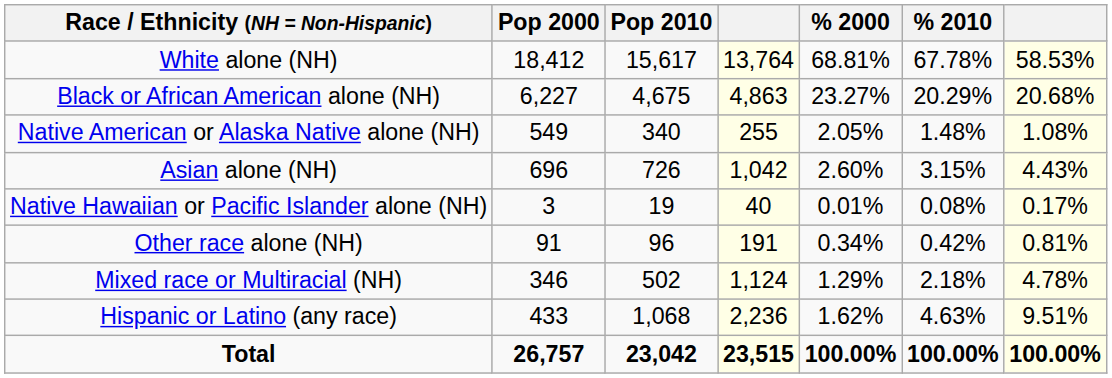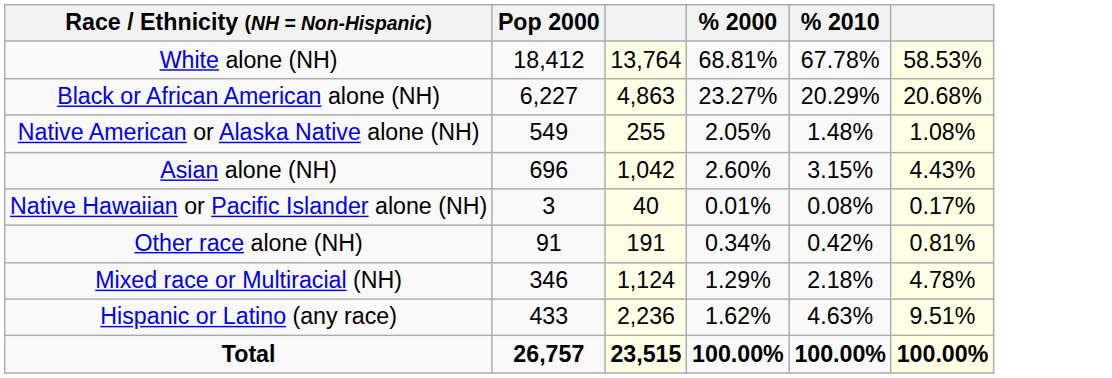 <table class="wikitable" style="text-align:center;">
 <tr>
 <th>Race / Ethnicity <small>(<em>NH = Non-Hispanic</em>)</small></th>
 <th>Pop 2000</th>
-<th>Pop 2010</th>
 <th></th>
 <th>% 2000</th>
 <th>% 2010</th>
 <th></th>
 </tr>
 <tr>
 <td><a href='#'>White</a> alone (NH)</td>
 <td>18,412</td>
-<td>15,617</td>
 <td style='background: #ffffe6;'>13,764</td>
 <td>68.81%</td>
 <td>67.78%</td>
 <td style='background: #ffffe6;'>58.53%</td>
 </tr>
 <tr>
 <td><a href='#'>Black or African American</a> alone (NH)</td>
 <td>6,227</td>
-<td>4,675</td>
 <td style='background: #ffffe6;'>4,863</td>
 <td>23.27%</td>
 <td>20.29%</td>
 <td style='background: #ffffe6;'>20.68%</td>
 </tr>
 <tr>
 <td><a href='#'>Native American</a> or <a href='#'>Alaska Native</a> alone (NH)</td>
 <td>549</td>
-<td>340</td>
 <td style='background: #ffffe6;'>255</td>
 <td>2.05%</td>
 <td>1.48%</td>
 <td style='background: #ffffe6;'>1.08%</td>
 </tr>
 <tr>
 <td><a href='#'>Asian</a> alone (NH)</td>
 <td>696</td>
-<td>726</td>
 <td style='background: #ffffe6;'>1,042</td>
 <td>2.60%</td>
 <td>3.15%</td>
 <td style='background: #ffffe6;'>4.43%</td>
 </tr>
 <tr>
 <td><a href='#'>Native Hawaiian</a> or <a href='#'>Pacific Islander</a> alone (NH)</td>
 <td>3</td>
-<td>19</td>
 <td style='background: #ffffe6;'>40</td>
 <td>0.01%</td>
 <td>0.08%</td>
 <td style='background: #ffffe6;'>0.17%</td>
 </tr>
 <tr>
 <td><a href='#'>Other race</a> alone (NH)</td>
 <td>91</td>
-<td>96</td>
 <td style='background: #ffffe6;'>191</td>
 <td>0.34%</td>
 <td>0.42%</td>
 <td style='background: #ffffe6;'>0.81%</td>
 </tr>
 <tr>
 <td><a href='#'>Mixed race or Multiracial</a> (NH)</td>
 <td>346</td>
-<td>502</td>
 <td style='background: #ffffe6;'>1,124</td>
 <td>1.29%</td>
 <td>2.18%</td>
 <td style='background: #ffffe6;'>4.78%</td>
 </tr>
 <tr>
 <td><a href='#'>Hispanic or Latino</a> (any race)</td>
 <td>433</td>
-<td>1,068</td>
 <td style='background: #ffffe6;'>2,236</td>
 <td>1.62%</td>
 <td>4.63%</td>
 <td style='background: #ffffe6;'>9.51%</td>
 </tr>
 <tr>
 <td><strong>Total</strong></td>
 <td><strong>26,757</strong></td>
-<td><strong>23,042</strong></td>
 <td style='background: #ffffe6;'><strong>23,515</strong></td>
 <td><strong>100.00%</strong></td>
 <td><strong>100.00%</strong></td>
 <td style='background: #ffffe6;'><strong>100.00%</strong></td>
 </tr>
 </table>
